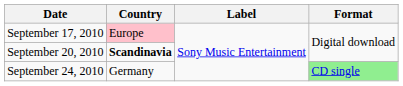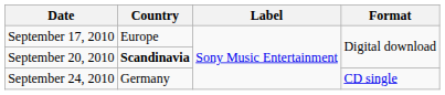 <table class="wikitable">
 <tr>
 <th>Date</th>
 <th>Country</th>
 <th>Label</th>
 <th>Format</th>
 </tr>
 <tr>
 <td>September 17, 2010</td>
-<td style="background: pink;">Europe</td>
+<td>Europe</td>
 <td rowspan="3"><a href='#'>Sony Music Entertainment</a></td>
 <td rowspan="2">Digital download</td>
 </tr>
 <tr>
 <td>September 20, 2010</td>
 <td><strong>Scandinavia</strong></td>
 </tr>
 <tr>
 <td>September 24, 2010</td>
 <td>Germany</td>
-<td style="background: lightgreen;"><a href='#'>CD single</a></td>
+<td><a href='#'>CD single</a></td>
 </tr>
 </table>
